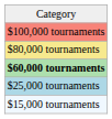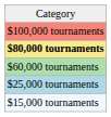 <table class=wikitable style=font-size:90%;>
 <tr align=center>
 <td style="background:#efefef;">Category</td>
 </tr>
 <tr style="background:#f88379;">
 <td>$100,000 tournaments</td>
 </tr>
 <tr style="background:#f7e98e;">
-<td>$80,000 tournaments</td>
+<td><strong>$80,000 tournaments</strong></td>
 </tr>
 <tr style="background:#addfad;">
-<td><strong>$60,000 tournaments</strong></td>
+<td>$60,000 tournaments</td>
 </tr>
 <tr style="background:lightblue;">
 <td>$25,000 tournaments</td>
 </tr>
 <tr style="background:#f0f8ff;">
 <td>$15,000 tournaments</td>
 </tr>
 </table>
